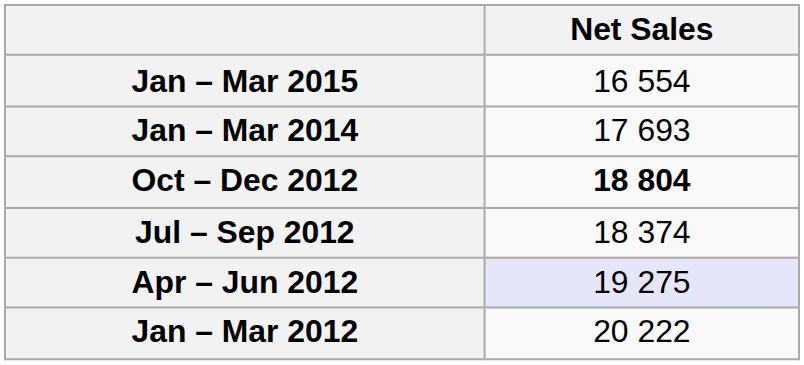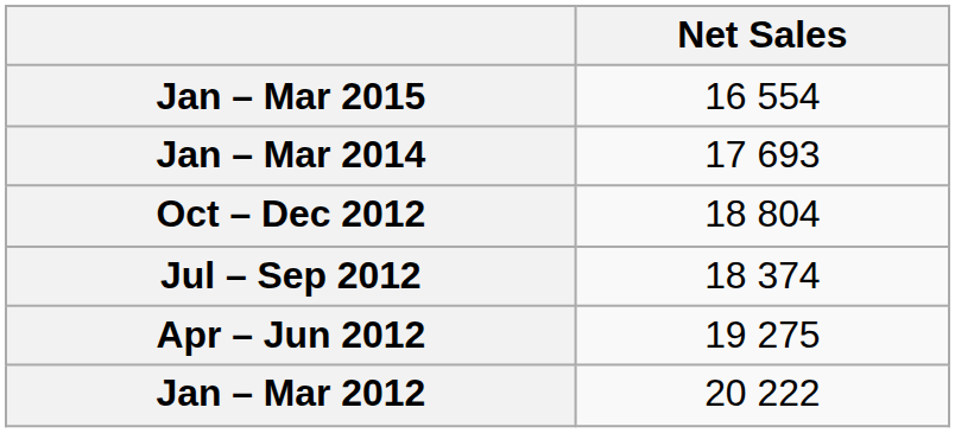 <table class="wikitable sortable" style="text-align:center; width:400px; height:150px;">
 <tr>
 <th></th>
 <th>Net Sales</th>
 </tr>
 <tr>
 <th scope="row">Jan – Mar 2015</th>
 <td>16 554</td>
 </tr>
 <tr>
 <th scope="row">Jan – Mar 2014</th>
 <td>17 693</td>
 </tr>
 <tr>
 <th scope="row">Oct – Dec 2012</th>
-<td><strong>18 804</strong></td>
+<td>18 804</td>
 </tr>
 <tr>
 <th scope="row">Jul – Sep 2012</th>
 <td>18 374</td>
 </tr>
 <tr>
 <th scope="row">Apr – Jun 2012</th>
-<td style="background: lavender;">19 275</td>
+<td>19 275</td>
 </tr>
 <tr>
 <th scope="row">Jan – Mar 2012</th>
 <td>20 222</td>
 </tr>
 </table>
